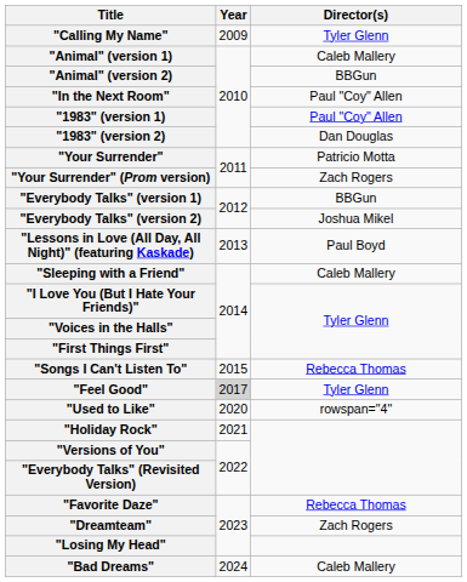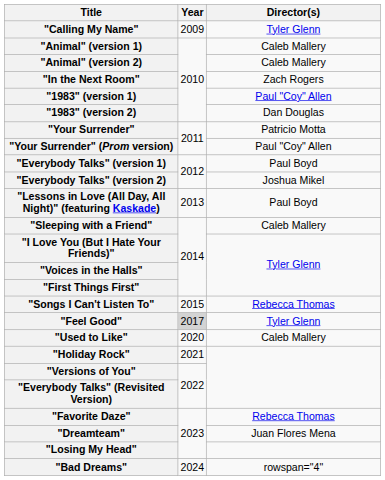 <table class="wikitable plainrowheaders" style="text-align:center;">
 <tr>
 <th scope="col" style="width:16em;">Title</th>
 <th scope="col">Year</th>
 <th scope="col" style="width:16em;">Director(s)</th>
 </tr>
 <tr>
 <th scope="row">"Calling My Name"</th>
 <td rowspan="1">2009</td>
 <td><a href='#'>Tyler Glenn</a></td>
 </tr>
 <tr>
 <th scope="row">"Animal" (version 1)</th>
 <td rowspan="5">2010</td>
 <td>Caleb Mallery</td>
 </tr>
 <tr>
 <th scope="row">"Animal" (version 2)</th>
-<td>BBGun</td>
+<td>Caleb Mallery</td>
 </tr>
 <tr>
 <th scope="row">"In the Next Room"</th>
-<td>Paul "Coy" Allen</td>
+<td>Zach Rogers</td>
 </tr>
 <tr>
 <th scope="row">"1983" (version 1)</th>
 <td><a href='#'>Paul "Coy" Allen</a></td>
 </tr>
 <tr>
 <th scope="row">"1983" (version 2)</th>
 <td>Dan Douglas</td>
 </tr>
 <tr>
 <th scope="row">"Your Surrender"</th>
 <td rowspan="2">2011</td>
 <td>Patricio Motta</td>
 </tr>
 <tr>
 <th scope="row">"Your Surrender" (<em>Prom</em> version)</th>
-<td>Zach Rogers</td>
+<td>Paul "Coy" Allen</td>
 </tr>
 <tr>
 <th scope="row">"Everybody Talks" (version 1)</th>
 <td rowspan="2">2012</td>
-<td>BBGun</td>
+<td>Paul Boyd</td>
 </tr>
 <tr>
 <th scope="row">"Everybody Talks" (version 2)</th>
 <td>Joshua Mikel</td>
 </tr>
 <tr>
 <th scope="row">"Lessons in Love (All Day, All Night)" <span>(featuring <a href='#'>Kaskade</a>)</span></th>
 <td>2013</td>
 <td>Paul Boyd</td>
 </tr>
 <tr>
 <th scope="row">"Sleeping with a Friend"</th>
 <td rowspan="4">2014</td>
 <td>Caleb Mallery</td>
 </tr>
 <tr>
 <th scope="row">"I Love You (But I Hate Your Friends)"</th>
 <td rowspan="3"><a href='#'>Tyler Glenn</a></td>
 </tr>
 <tr>
 <th scope="row">"Voices in the Halls"</th>
 </tr>
 <tr>
 <th scope="row">"First Things First"</th>
 </tr>
 <tr>
 <th scope="row">"Songs I Can't Listen To"</th>
 <td>2015</td>
 <td><a href='#'>Rebecca Thomas</a></td>
 </tr>
 <tr>
 <th scope="row">"Feel Good"</th>
 <td style="background: lightgrey;">2017</td>
 <td><a href='#'>Tyler Glenn</a></td>
 </tr>
 <tr>
 <th scope="row">"Used to Like"</th>
 <td>2020</td>
-<td>rowspan="4" </td>
+<td>Caleb Mallery</td>
 </tr>
 <tr>
 <th scope="row">"Holiday Rock"</th>
 <td>2021</td>
 </tr>
 <tr>
 <th scope="row">"Versions of You"</th>
 <td rowspan="2">2022</td>
 </tr>
 <tr>
 <th scope="row">"Everybody Talks" (Revisited Version)</th>
 </tr>
 <tr>
 <th scope="row">"Favorite Daze"</th>
 <td rowspan="3">2023</td>
 <td><a href='#'>Rebecca Thomas</a></td>
 </tr>
 <tr>
 <th scope="row">"Dreamteam"</th>
-<td>Zach Rogers</td>
+<td>Juan Flores Mena</td>
 </tr>
 <tr>
 <th scope="row">"Losing My Head"</th>
 <td></td>
 </tr>
 <tr>
 <th scope="row">"Bad Dreams"</th>
 <td>2024</td>
-<td>Caleb Mallery</td>
+<td>rowspan="4" </td>
 </tr>
 </table>
